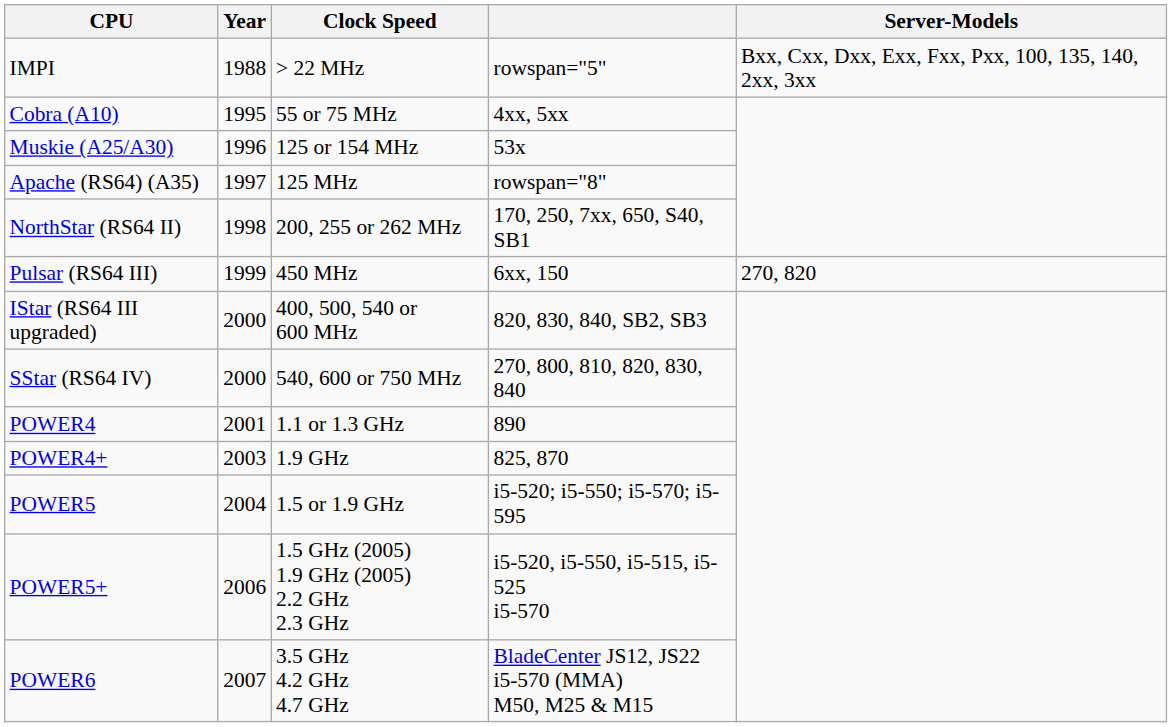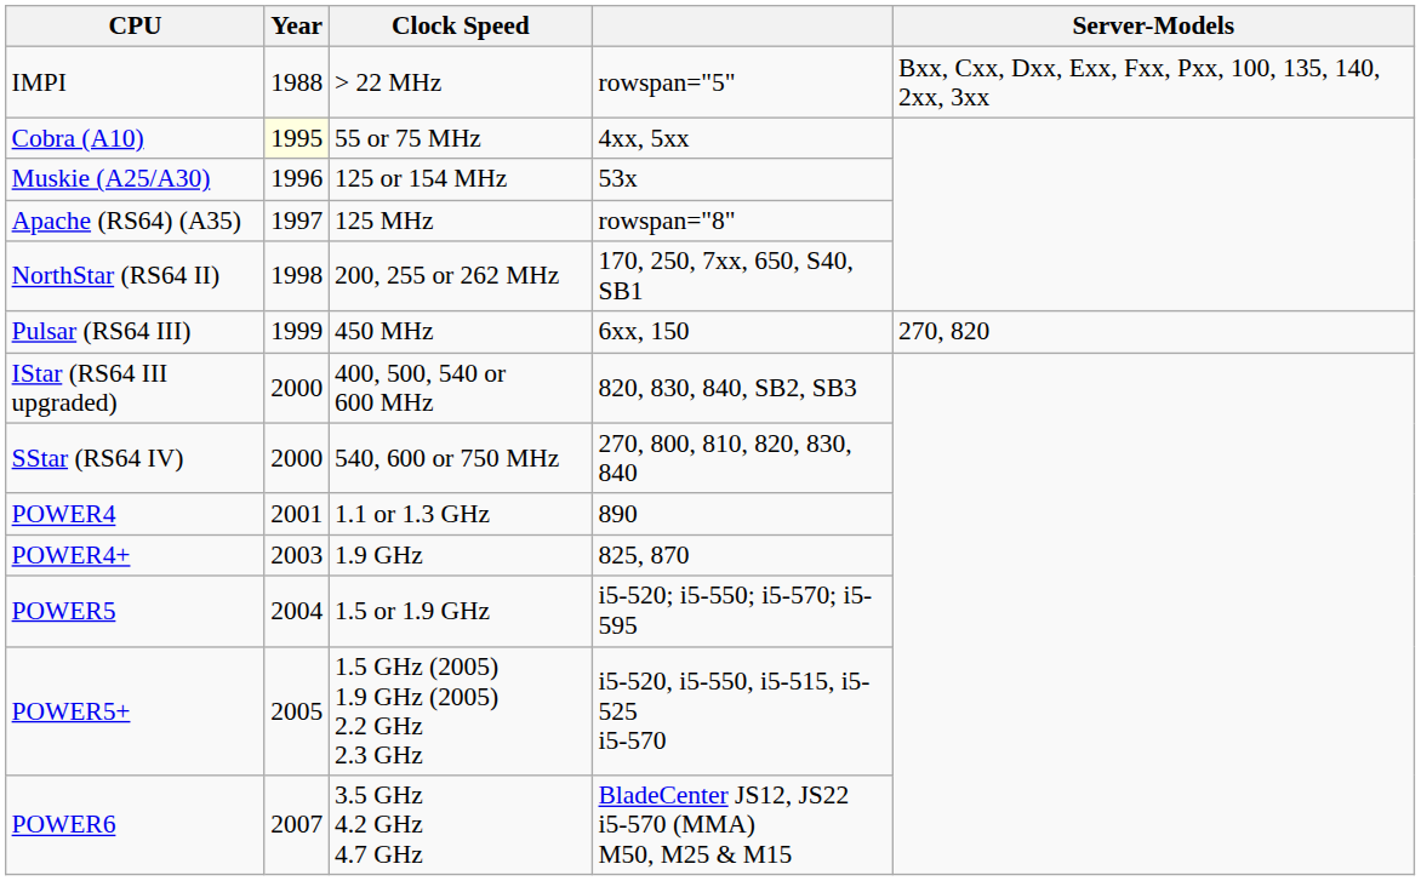 <table class="wikitable">
 <tr>
 <th>CPU</th>
 <th>Year</th>
 <th>Clock Speed</th>
 <th></th>
 <th>Server-Models</th>
 </tr>
 <tr>
 <td>IMPI</td>
 <td>1988</td>
 <td>> 22 MHz</td>
 <td>rowspan="5" </td>
 <td>Bxx, Cxx, Dxx, Exx, Fxx, Pxx, 100, 135, 140, 2xx, 3xx</td>
 </tr>
 <tr>
 <td><a href='#'>Cobra (A10)</a></td>
-<td>1995</td>
+<td style="background: lightyellow;">1995</td>
 <td>55 or 75 MHz</td>
 <td>4xx, 5xx</td>
 </tr>
 <tr>
 <td><a href='#'>Muskie (A25/A30)</a></td>
 <td>1996</td>
 <td>125 or 154 MHz</td>
 <td>53x</td>
 </tr>
 <tr>
 <td><a href='#'>Apache</a> (RS64) (A35)</td>
 <td>1997</td>
 <td>125 MHz</td>
 <td>rowspan="8" </td>
 </tr>
 <tr>
 <td><a href='#'>NorthStar</a> (RS64 II)</td>
 <td>1998</td>
 <td>200, 255 or 262 MHz</td>
 <td>170, 250, 7xx, 650, S40, SB1</td>
 </tr>
 <tr>
 <td><a href='#'>Pulsar</a> (RS64 III)</td>
 <td>1999</td>
 <td>450 MHz</td>
 <td>6xx, 150</td>
 <td>270, 820</td>
 </tr>
 <tr>
 <td><a href='#'>IStar</a> (RS64 III upgraded)</td>
 <td>2000</td>
 <td>400, 500, 540 or 600 MHz</td>
 <td>820, 830, 840, SB2, SB3</td>
 </tr>
 <tr>
 <td><a href='#'>SStar</a> (RS64 IV)</td>
 <td>2000</td>
 <td>540, 600 or 750 MHz</td>
 <td>270, 800, 810, 820, 830, 840</td>
 </tr>
 <tr>
 <td><a href='#'>POWER4</a></td>
 <td>2001</td>
 <td>1.1 or 1.3 GHz</td>
 <td>890</td>
 </tr>
 <tr>
 <td><a href='#'>POWER4+</a></td>
 <td>2003</td>
 <td>1.9 GHz</td>
 <td>825, 870</td>
 </tr>
 <tr>
 <td><a href='#'>POWER5</a></td>
 <td>2004</td>
 <td>1.5 or 1.9 GHz</td>
 <td>i5-520; i5-550; i5-570; i5-595</td>
 </tr>
 <tr>
 <td><a href='#'>POWER5+</a></td>
-<td>2006</td>
+<td>2005</td>
 <td>1.5 GHz (2005)<br>1.9 GHz (2005)<br>2.2 GHz<br>2.3 GHz</td>
 <td>i5-520, i5-550, i5-515, i5-525<br>i5-570</td>
 </tr>
 <tr>
 <td><a href='#'>POWER6</a></td>
 <td>2007</td>
 <td>3.5 GHz<br>4.2 GHz<br>4.7 GHz</td>
 <td><a href='#'>BladeCenter</a> JS12, JS22<br>i5-570 (MMA)<br>M50, M25 & M15</td>
 </tr>
 </table>
